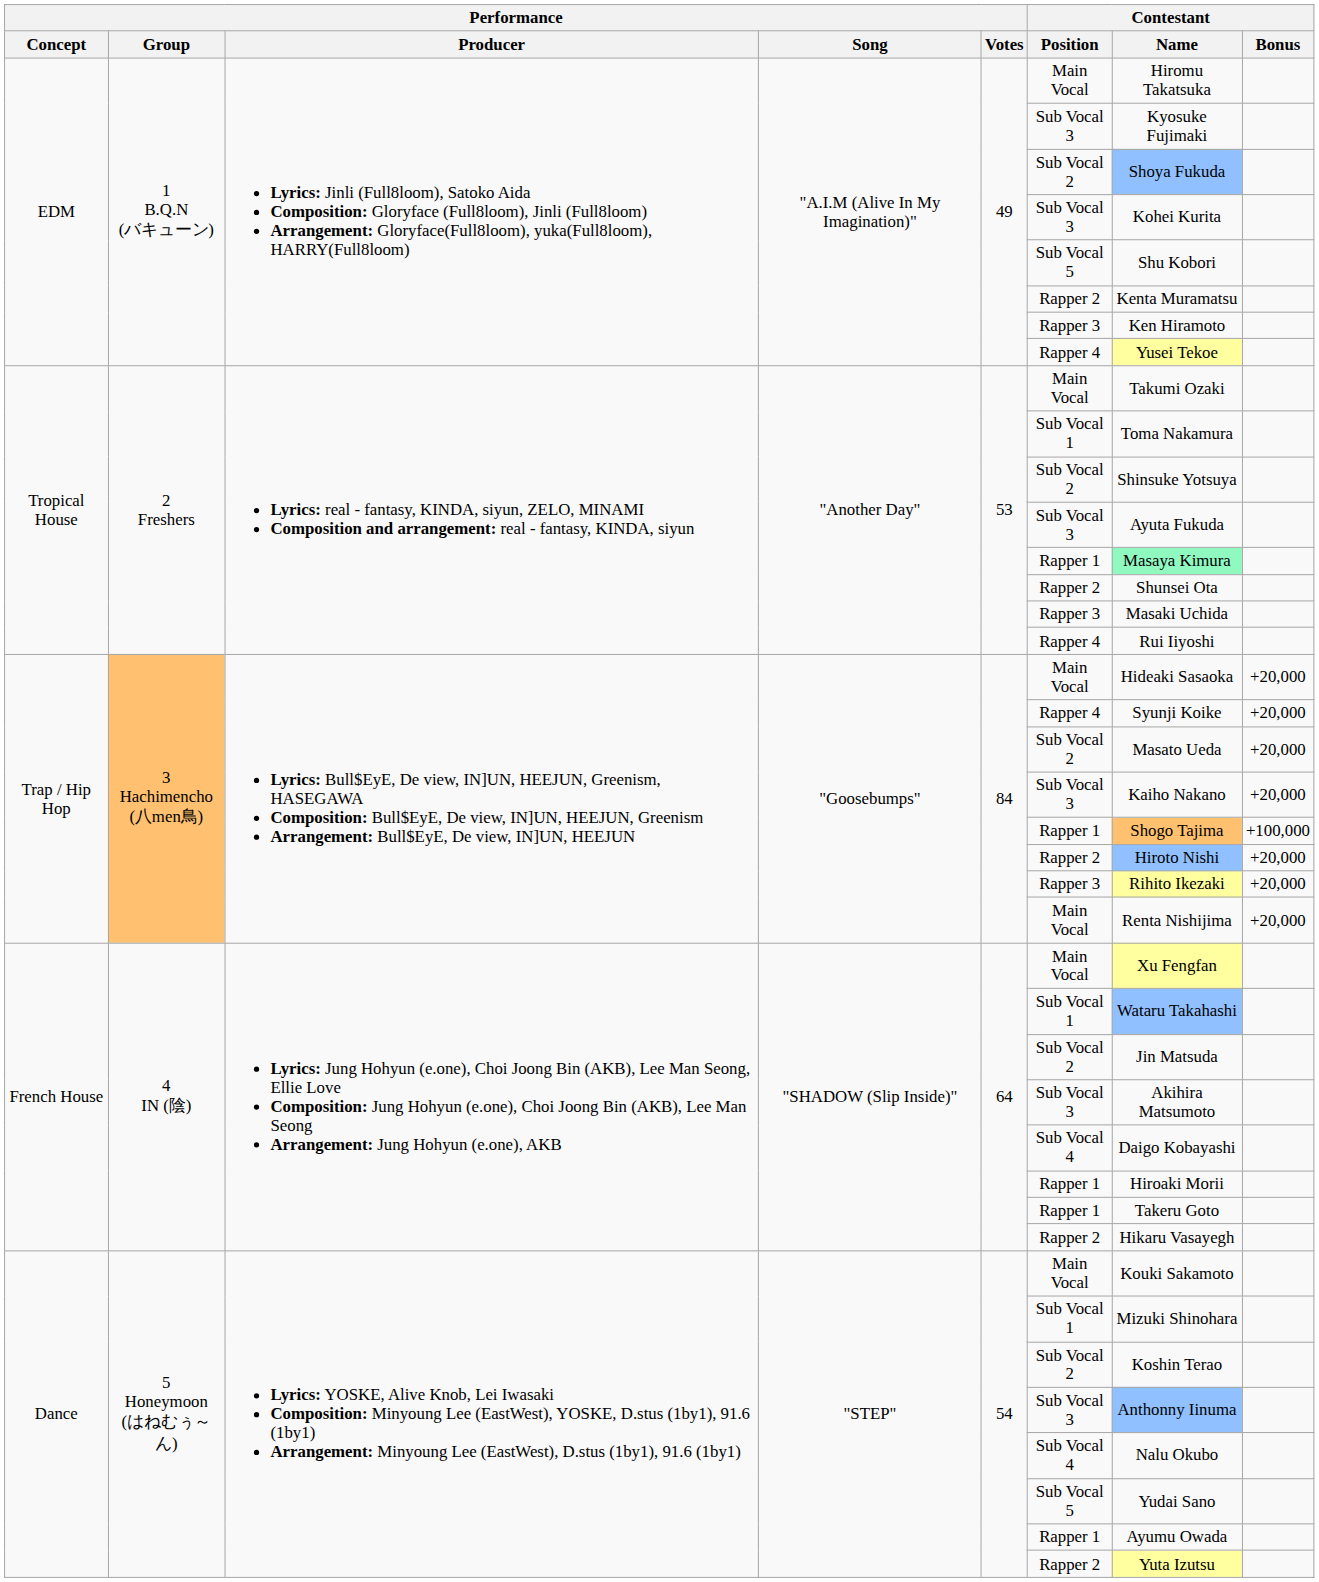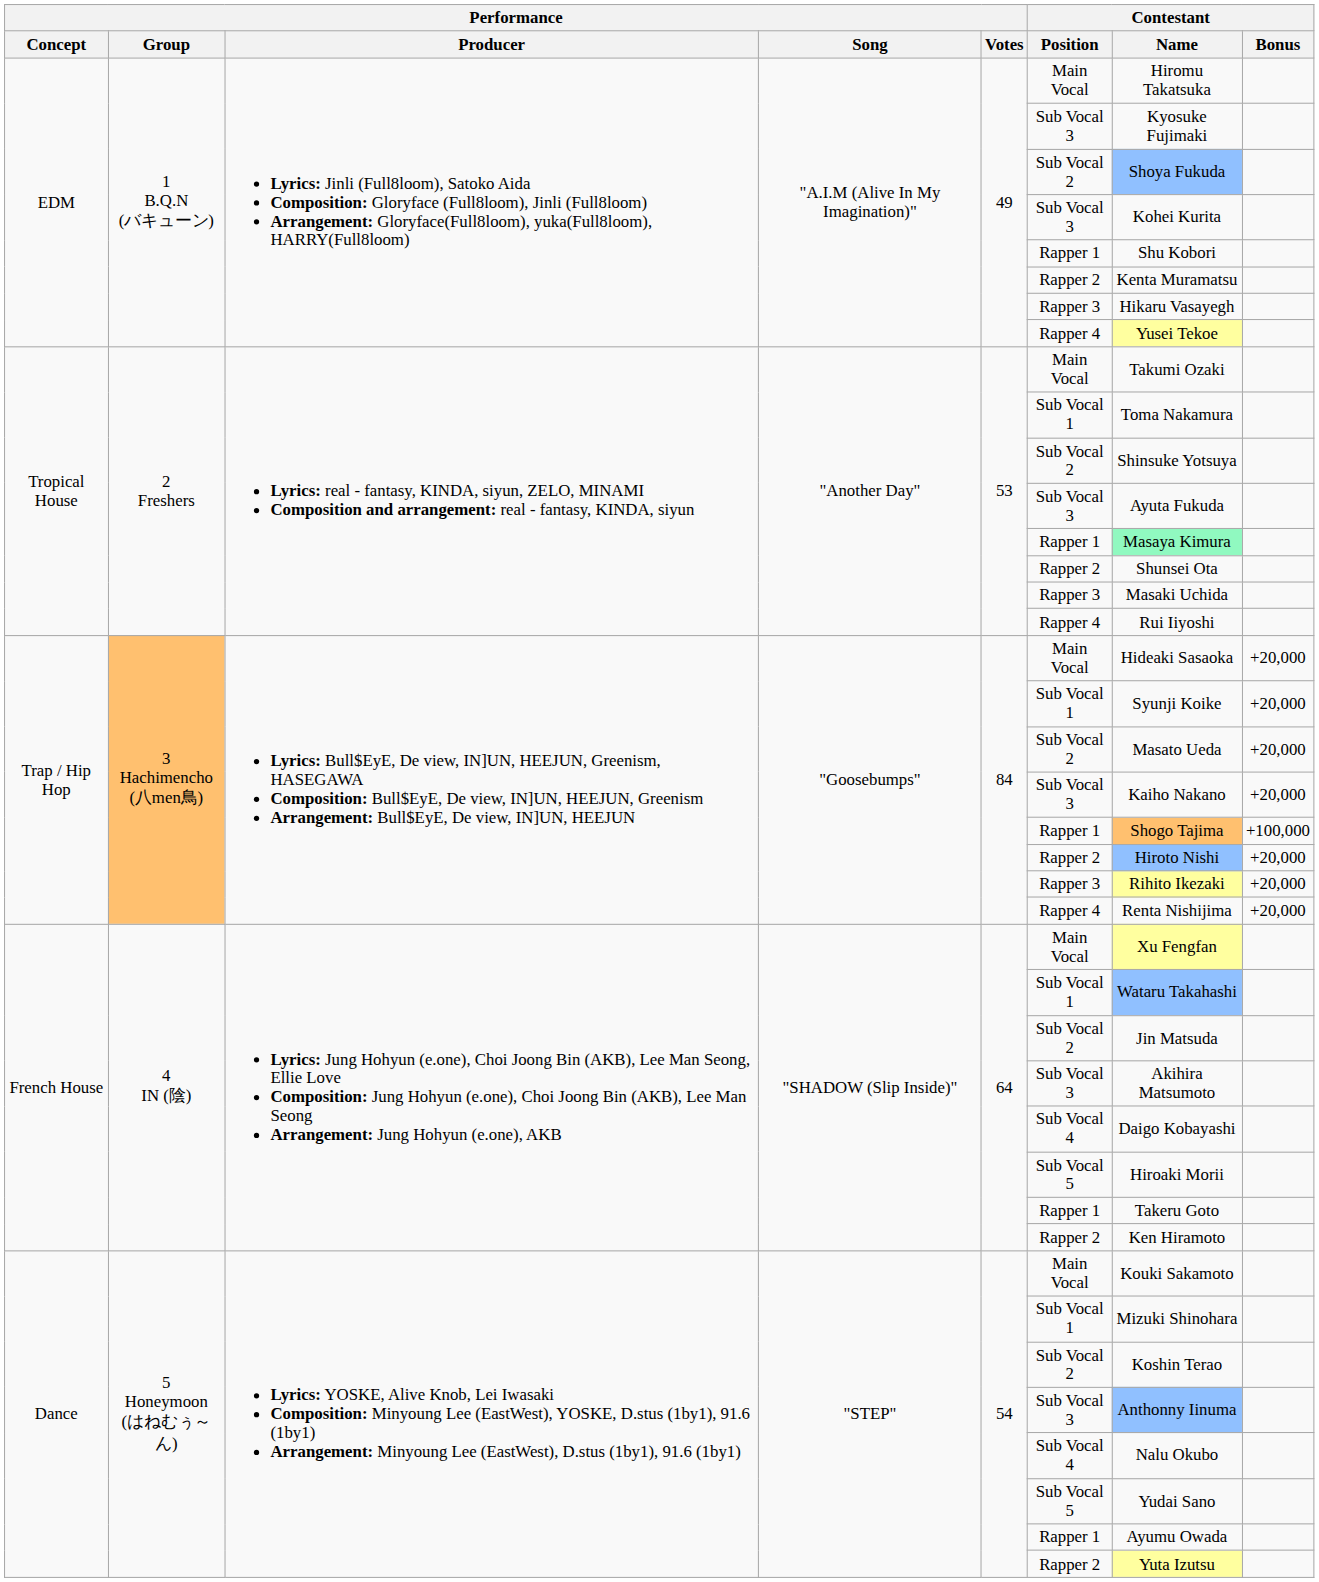 <table class="wikitable sortable" style="text-align:center">
 <tr>
 <th colspan="5">Performance</th>
 <th colspan="3">Contestant</th>
 </tr>
 <tr>
 <th>Concept</th>
 <th>Group</th>
 <th>Producer</th>
 <th>Song</th>
 <th>Votes</th>
 <th>Position</th>
 <th>Name</th>
 <th>Bonus</th>
 </tr>
 <tr>
 <td rowspan="8">EDM</td>
 <td rowspan="8">1<br>B.Q.N<br>(バキューン)</td>
 <td rowspan="8" align="left"><br><ul><li><strong>Lyrics:</strong> Jinli (Full8loom), Satoko Aida</li><li><strong>Composition:</strong> Gloryface (Full8loom), Jinli (Full8loom)</li><li><strong>Arrangement:</strong> Gloryface(Full8loom), yuka(Full8loom), HARRY(Full8loom)</li></ul></td>
 <td rowspan="8">"A.I.M (Alive In My Imagination)"</td>
 <td rowspan="8">49</td>
 <td>Main Vocal</td>
 <td>Hiromu Takatsuka</td>
 <td></td>
 </tr>
 <tr>
 <td>Sub Vocal 3</td>
 <td>Kyosuke Fujimaki</td>
 <td></td>
 </tr>
 <tr>
 <td>Sub Vocal 2</td>
 <td style="background:#90C0FF">Shoya Fukuda</td>
 <td></td>
 </tr>
 <tr>
 <td>Sub Vocal 3</td>
 <td>Kohei Kurita</td>
 <td></td>
 </tr>
 <tr>
-<td>Sub Vocal 5</td>
+<td>Rapper 1</td>
 <td>Shu Kobori</td>
 <td></td>
 </tr>
 <tr>
 <td>Rapper 2</td>
 <td>Kenta Muramatsu</td>
 <td></td>
 </tr>
 <tr>
 <td>Rapper 3</td>
-<td>Ken Hiramoto</td>
+<td>Hikaru Vasayegh</td>
 <td></td>
 </tr>
 <tr>
 <td>Rapper 4</td>
 <td style="background:#FFFF9F">Yusei Tekoe</td>
 <td></td>
 </tr>
 <tr>
 <td rowspan="8">Tropical House</td>
 <td rowspan="8">2<br>Freshers</td>
 <td rowspan="8" align="left"><br><ul><li><strong>Lyrics:</strong> real - fantasy, KINDA, siyun, ZELO, MINAMI</li><li><strong>Composition and arrangement:</strong> real - fantasy, KINDA, siyun</li></ul></td>
 <td rowspan="8">"Another Day"</td>
 <td rowspan="8">53</td>
 <td>Main Vocal</td>
 <td>Takumi Ozaki</td>
 <td></td>
 </tr>
 <tr>
 <td>Sub Vocal 1</td>
 <td>Toma Nakamura</td>
 <td></td>
 </tr>
 <tr>
 <td>Sub Vocal 2</td>
 <td>Shinsuke Yotsuya</td>
 <td></td>
 </tr>
 <tr>
 <td>Sub Vocal 3</td>
 <td>Ayuta Fukuda</td>
 <td></td>
 </tr>
 <tr>
 <td>Rapper 1</td>
 <td style="background:#90F9C0">Masaya Kimura</td>
 <td></td>
 </tr>
 <tr>
 <td>Rapper 2</td>
 <td>Shunsei Ota</td>
 <td></td>
 </tr>
 <tr>
 <td>Rapper 3</td>
 <td>Masaki Uchida</td>
 <td></td>
 </tr>
 <tr>
 <td>Rapper 4</td>
 <td>Rui Iiyoshi</td>
 <td></td>
 </tr>
 <tr>
 <td rowspan="8">Trap / Hip Hop</td>
 <td rowspan="8" style="background:#FFC06F">3<br>Hachimencho<br>(八men鳥)</td>
 <td rowspan="8" align="left"><br><ul><li><strong>Lyrics:</strong> Bull$EyE, De view, IN]UN, HEEJUN, Greenism, HASEGAWA</li><li><strong>Composition:</strong> Bull$EyE, De view, IN]UN, HEEJUN, Greenism</li><li><strong>Arrangement:</strong> Bull$EyE, De view, IN]UN, HEEJUN</li></ul></td>
 <td rowspan="8">"Goosebumps"</td>
 <td rowspan="8">84</td>
 <td>Main Vocal</td>
 <td>Hideaki Sasaoka</td>
 <td>+20,000</td>
 </tr>
 <tr>
-<td>Rapper 4</td>
+<td>Sub Vocal 1</td>
 <td>Syunji Koike</td>
 <td>+20,000</td>
 </tr>
 <tr>
 <td>Sub Vocal 2</td>
 <td>Masato Ueda</td>
 <td>+20,000</td>
 </tr>
 <tr>
 <td>Sub Vocal 3</td>
 <td>Kaiho Nakano</td>
 <td>+20,000</td>
 </tr>
 <tr>
 <td>Rapper 1</td>
 <td style="background:#FFC06F">Shogo Tajima</td>
 <td>+100,000</td>
 </tr>
 <tr>
 <td>Rapper 2</td>
 <td style="background:#90C0FF">Hiroto Nishi</td>
 <td>+20,000</td>
 </tr>
 <tr>
 <td>Rapper 3</td>
 <td style="background:#FFFF9F">Rihito Ikezaki</td>
 <td>+20,000</td>
 </tr>
 <tr>
-<td>Main Vocal</td>
+<td>Rapper 4</td>
 <td>Renta Nishijima</td>
 <td>+20,000</td>
 </tr>
 <tr>
 <td rowspan="8">French House</td>
 <td rowspan="8">4<br>IN (陰)</td>
 <td rowspan="8" align="left"><br><ul><li><strong>Lyrics:</strong> Jung Hohyun (e.one), Choi Joong Bin (AKB), Lee Man Seong, Ellie Love</li><li><strong>Composition:</strong> Jung Hohyun (e.one), Choi Joong Bin (AKB), Lee Man Seong</li><li><strong>Arrangement:</strong> Jung Hohyun (e.one), AKB</li></ul></td>
 <td rowspan="8">"SHADOW (Slip Inside)"</td>
 <td rowspan="8">64</td>
 <td>Main Vocal</td>
 <td style="background:#FFFF9F">Xu Fengfan</td>
 <td></td>
 </tr>
 <tr>
 <td>Sub Vocal 1</td>
 <td style="background:#90C0FF">Wataru Takahashi</td>
 <td></td>
 </tr>
 <tr>
 <td>Sub Vocal 2</td>
 <td>Jin Matsuda</td>
 <td></td>
 </tr>
 <tr>
 <td>Sub Vocal 3</td>
 <td>Akihira Matsumoto</td>
 <td></td>
 </tr>
 <tr>
 <td>Sub Vocal 4</td>
 <td>Daigo Kobayashi</td>
 <td></td>
 </tr>
 <tr>
-<td>Rapper 1</td>
+<td>Sub Vocal 5</td>
 <td>Hiroaki Morii</td>
 <td></td>
 </tr>
 <tr>
 <td>Rapper 1</td>
 <td>Takeru Goto</td>
 <td></td>
 </tr>
 <tr>
 <td>Rapper 2</td>
-<td>Hikaru Vasayegh</td>
+<td>Ken Hiramoto</td>
 <td></td>
 </tr>
 <tr>
 <td rowspan="8">Dance</td>
 <td rowspan="8">5<br>Honeymoon<br>(はねむぅ～ん)</td>
 <td rowspan="8" align="left"><br><ul><li><strong>Lyrics:</strong> YOSKE, Alive Knob, Lei Iwasaki</li><li><strong>Composition:</strong> Minyoung Lee (EastWest), YOSKE, D.stus (1by1), 91.6 (1by1)</li><li><strong>Arrangement:</strong> Minyoung Lee (EastWest), D.stus (1by1), 91.6 (1by1)</li></ul></td>
 <td rowspan="8">"STEP"</td>
 <td rowspan="8">54</td>
 <td>Main Vocal</td>
 <td>Kouki Sakamoto</td>
 <td></td>
 </tr>
 <tr>
 <td>Sub Vocal 1</td>
 <td>Mizuki Shinohara</td>
 <td></td>
 </tr>
 <tr>
 <td>Sub Vocal 2</td>
 <td>Koshin Terao</td>
 <td></td>
 </tr>
 <tr>
 <td>Sub Vocal 3</td>
 <td style="background:#90C0FF">Anthonny Iinuma</td>
 <td></td>
 </tr>
 <tr>
 <td>Sub Vocal 4</td>
 <td>Nalu Okubo</td>
 <td></td>
 </tr>
 <tr>
 <td>Sub Vocal 5</td>
 <td>Yudai Sano</td>
 <td></td>
 </tr>
 <tr>
 <td>Rapper 1</td>
 <td>Ayumu Owada</td>
 <td></td>
 </tr>
 <tr>
 <td>Rapper 2</td>
 <td style="background:#FFFF9F">Yuta Izutsu</td>
 <td></td>
 </tr>
 </table>
